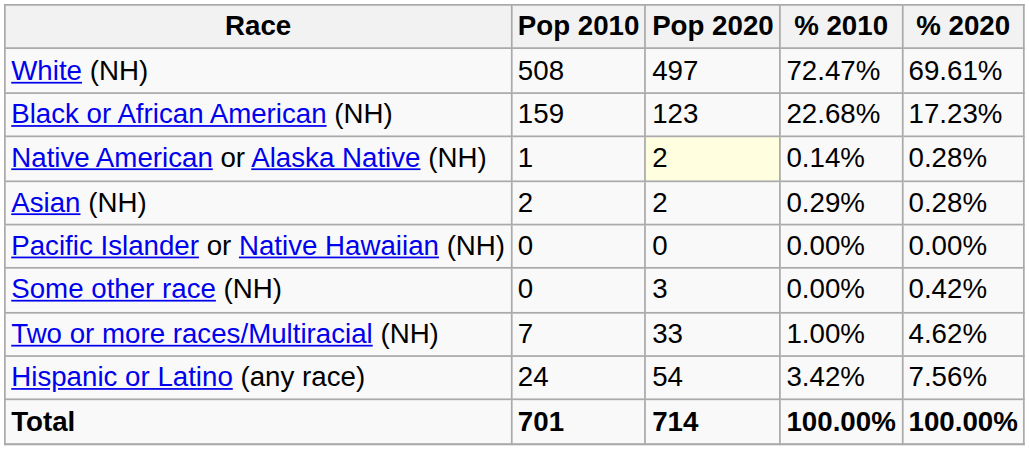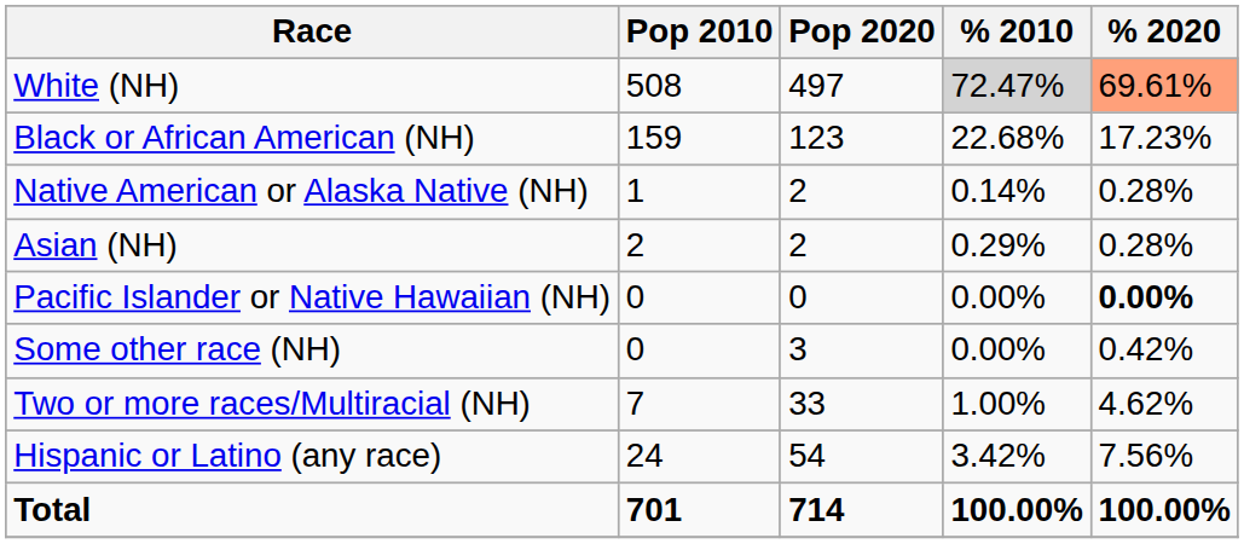 <table class="wikitable">
 <tr>
 <th>Race</th>
 <th>Pop 2010</th>
 <th>Pop 2020</th>
 <th>% 2010</th>
 <th>% 2020</th>
 </tr>
 <tr>
 <td><a href='#'>White</a> (NH)</td>
 <td>508</td>
 <td>497</td>
-<td>72.47%</td>
-<td>69.61%</td>
+<td style="background: lightgrey;">72.47%</td>
+<td style="background: lightsalmon;">69.61%</td>
 </tr>
 <tr>
 <td><a href='#'>Black or African American</a> (NH)</td>
 <td>159</td>
 <td>123</td>
 <td>22.68%</td>
 <td>17.23%</td>
 </tr>
 <tr>
 <td><a href='#'>Native American</a> or <a href='#'>Alaska Native</a> (NH)</td>
 <td>1</td>
-<td style="background: lightyellow;">2</td>
+<td>2</td>
 <td>0.14%</td>
 <td>0.28%</td>
 </tr>
 <tr>
 <td><a href='#'>Asian</a> (NH)</td>
 <td>2</td>
 <td>2</td>
 <td>0.29%</td>
 <td>0.28%</td>
 </tr>
 <tr>
 <td><a href='#'>Pacific Islander</a> or <a href='#'>Native Hawaiian</a> (NH)</td>
 <td>0</td>
 <td>0</td>
 <td>0.00%</td>
-<td>0.00%</td>
+<td><strong>0.00%</strong></td>
 </tr>
 <tr>
 <td><a href='#'>Some other race</a> (NH)</td>
 <td>0</td>
 <td>3</td>
 <td>0.00%</td>
 <td>0.42%</td>
 </tr>
 <tr>
 <td><a href='#'>Two or more races/Multiracial</a> (NH)</td>
 <td>7</td>
 <td>33</td>
 <td>1.00%</td>
 <td>4.62%</td>
 </tr>
 <tr>
 <td><a href='#'>Hispanic or Latino</a> (any race)</td>
 <td>24</td>
 <td>54</td>
 <td>3.42%</td>
 <td>7.56%</td>
 </tr>
 <tr>
 <td><strong>Total</strong></td>
 <td><strong>701</strong></td>
 <td><strong>714</strong></td>
 <td><strong>100.00%</strong></td>
 <td><strong>100.00%</strong></td>
 </tr>
 <tr>
 </tr>
 </table>
